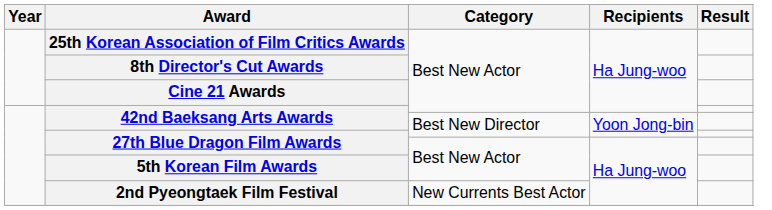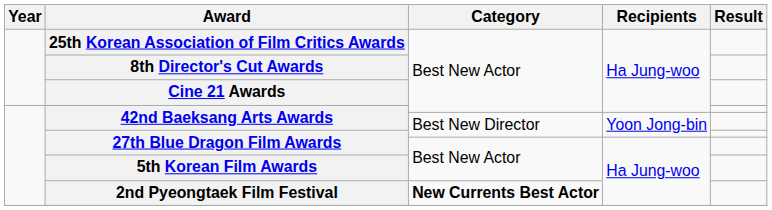 <table class="wikitable plainrowheaders sortable">
 <tr>
 <th scope="col">Year</th>
 <th scope="col">Award</th>
 <th scope="col">Category</th>
 <th scope="col">Recipients</th>
 <th scope="col">Result</th>
 </tr>
 <tr>
 <td rowspan="3"></td>
 <th scope="row">25th <a href='#'>Korean Association of Film Critics Awards</a></th>
 <td rowspan="4">Best New Actor</td>
 <td rowspan="4"><a href='#'>Ha Jung-woo</a></td>
 <td></td>
 </tr>
 <tr>
 <th scope="row">8th <a href='#'>Director's Cut Awards</a></th>
 <td></td>
 </tr>
 <tr>
 <th scope="row"><a href='#'>Cine 21</a> Awards</th>
 <td></td>
 </tr>
 <tr>
 <td rowspan="6"></td>
 <th rowspan="2" scope="row"><a href='#'>42nd Baeksang Arts Awards</a></th>
 <td></td>
 </tr>
 <tr>
 <td rowspan="2">Best New Director</td>
 <td rowspan="2"><a href='#'>Yoon Jong-bin</a></td>
 <td></td>
 </tr>
 <tr>
 <th rowspan="2" scope="row"><a href='#'>27th Blue Dragon Film Awards</a></th>
 <td></td>
 </tr>
 <tr>
 <td rowspan="2">Best New Actor</td>
 <td rowspan="3"><a href='#'>Ha Jung-woo</a></td>
 <td></td>
 </tr>
 <tr>
 <th scope="row">5th <a href='#'>Korean Film Awards</a></th>
 <td></td>
 </tr>
 <tr>
 <th scope="row">2nd Pyeongtaek Film Festival</th>
-<td>New Currents Best Actor</td>
+<td><strong>New Currents Best Actor</strong></td>
 <td></td>
 </tr>
 <tr>
 </tr>
 </table>
